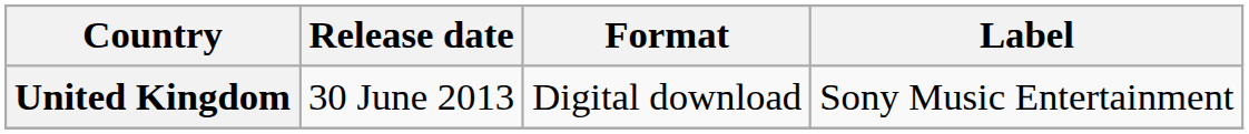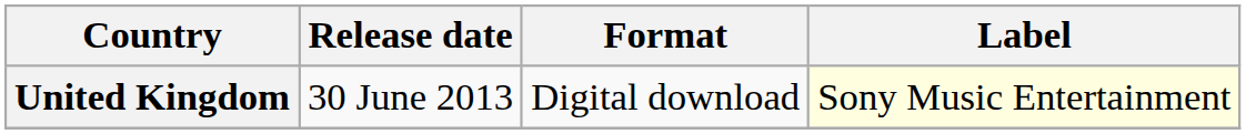 <table class="wikitable plainrowheaders">
 <tr>
 <th scope="col">Country</th>
 <th scope="col">Release date</th>
 <th scope="col">Format</th>
 <th scope="col">Label</th>
 </tr>
 <tr>
 <th scope="row">United Kingdom</th>
 <td>30 June 2013</td>
 <td>Digital download</td>
-<td>Sony Music Entertainment</td>
+<td style="background: lightyellow;">Sony Music Entertainment</td>
 </tr>
 <tr>
 </tr>
 </table>
